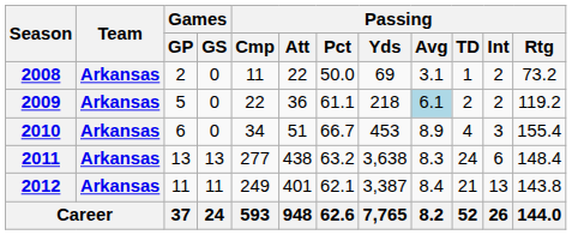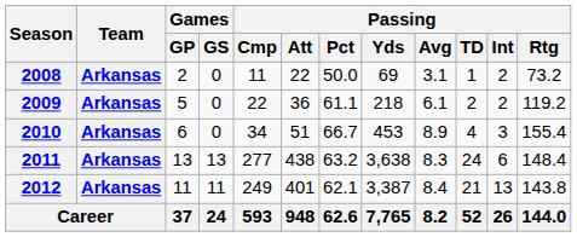 <table class="wikitable" style="text-align: center;">
 <tr>
 <th rowspan="2">Season</th>
 <th rowspan="2">Team</th>
 <th colspan="2">Games</th>
 <th colspan="8">Passing</th>
 </tr>
 <tr>
 <th>GP</th>
 <th>GS</th>
 <th>Cmp</th>
 <th>Att</th>
 <th>Pct</th>
 <th>Yds</th>
 <th>Avg</th>
 <th>TD</th>
 <th>Int</th>
 <th>Rtg</th>
 </tr>
 <tr>
 <th><a href='#'>2008</a></th>
 <th><a href='#'>Arkansas</a></th>
 <td>2</td>
 <td>0</td>
 <td>11</td>
 <td>22</td>
 <td>50.0</td>
 <td>69</td>
 <td>3.1</td>
 <td>1</td>
 <td>2</td>
 <td>73.2</td>
 </tr>
 <tr>
 <th><a href='#'>2009</a></th>
 <th><a href='#'>Arkansas</a></th>
 <td>5</td>
 <td>0</td>
 <td>22</td>
 <td>36</td>
 <td>61.1</td>
 <td>218</td>
-<td style="background: lightblue;">6.1</td>
+<td>6.1</td>
 <td>2</td>
 <td>2</td>
 <td>119.2</td>
 </tr>
 <tr>
 <th><a href='#'>2010</a></th>
 <th><a href='#'>Arkansas</a></th>
 <td>6</td>
 <td>0</td>
 <td>34</td>
 <td>51</td>
 <td>66.7</td>
 <td>453</td>
 <td>8.9</td>
 <td>4</td>
 <td>3</td>
 <td>155.4</td>
 </tr>
 <tr>
 <th><a href='#'>2011</a></th>
 <th><a href='#'>Arkansas</a></th>
 <td>13</td>
 <td>13</td>
 <td>277</td>
 <td>438</td>
 <td>63.2</td>
 <td>3,638</td>
 <td>8.3</td>
 <td>24</td>
 <td>6</td>
 <td>148.4</td>
 </tr>
 <tr>
 <th><a href='#'>2012</a></th>
 <th><a href='#'>Arkansas</a></th>
 <td>11</td>
 <td>11</td>
 <td>249</td>
 <td>401</td>
 <td>62.1</td>
 <td>3,387</td>
 <td>8.4</td>
 <td>21</td>
 <td>13</td>
 <td>143.8</td>
 </tr>
 <tr>
 <th colspan="2">Career</th>
 <th>37</th>
 <th>24</th>
 <th>593</th>
 <th>948</th>
 <th>62.6</th>
 <th>7,765</th>
 <th>8.2</th>
 <th>52</th>
 <th>26</th>
 <th>144.0</th>
 </tr>
 </table>
